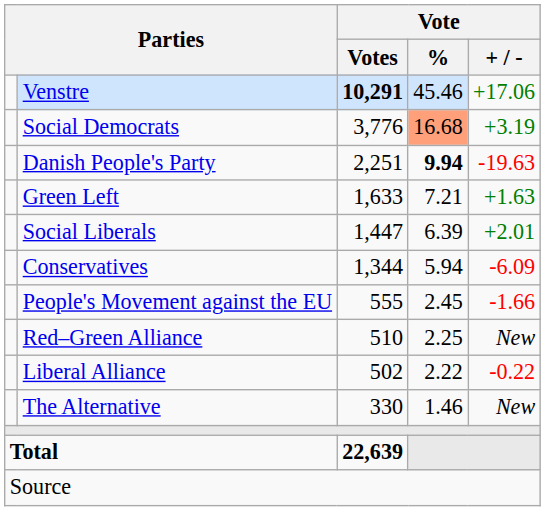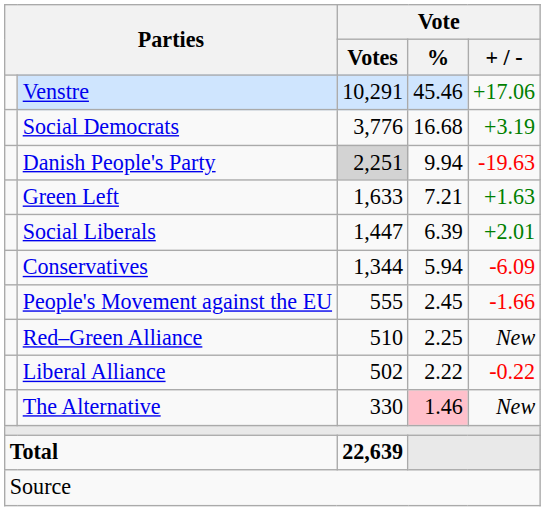 <table class="wikitable" style="text-align:right;">
 <tr>
 <th style="text-align:centre;" rowspan="2" colspan="2" width="225">Parties</th>
 <th colspan="3">Vote</th>
 </tr>
 <tr>
 <th width="15">Votes</th>
 <th width="15">%</th>
 <th width="15">+ / -</th>
 </tr>
 <tr>
 <td width="2" style="color:inherit;background:"></td>
 <td bgcolor=#cfe5fe   align="left"><a href='#'>Venstre</a></td>
-<td bgcolor=#cfe5fe><strong>10,291</strong></td>
+<td bgcolor=#cfe5fe>10,291</td>
 <td bgcolor=#cfe5fe>45.46</td>
 <td style=color:green;>+17.06</td>
 </tr>
 <tr>
 <td width="2" style="color:inherit;background:"></td>
 <td align="left"><a href='#'>Social Democrats</a></td>
 <td>3,776</td>
-<td style="background: lightsalmon;">16.68</td>
+<td>16.68</td>
 <td style=color:green;>+3.19</td>
 </tr>
 <tr>
 <td width="2" style="color:inherit;background:"></td>
 <td align="left"><a href='#'>Danish People's Party</a></td>
-<td>2,251</td>
-<td><strong>9.94</strong></td>
+<td style="background: lightgrey;">2,251</td>
+<td>9.94</td>
 <td style=color:red;>-19.63</td>
 </tr>
 <tr>
 <td width="2" style="color:inherit;background:"></td>
 <td align="left"><a href='#'>Green Left</a></td>
 <td>1,633</td>
 <td>7.21</td>
 <td style=color:green;>+1.63</td>
 </tr>
 <tr>
 <td width="2" style="color:inherit;background:"></td>
 <td align="left"><a href='#'>Social Liberals</a></td>
 <td>1,447</td>
 <td>6.39</td>
 <td style=color:green;>+2.01</td>
 </tr>
 <tr>
 <td width="2" style="color:inherit;background:"></td>
 <td align="left"><a href='#'>Conservatives</a></td>
 <td>1,344</td>
 <td>5.94</td>
 <td style=color:red;>-6.09</td>
 </tr>
 <tr>
 <td width="2" style="color:inherit;background:"></td>
 <td align="left"><a href='#'>People's Movement against the EU</a></td>
 <td>555</td>
 <td>2.45</td>
 <td style=color:red;>-1.66</td>
 </tr>
 <tr>
 <td width="2" style="color:inherit;background:"></td>
 <td align="left"><a href='#'>Red–Green Alliance</a></td>
 <td>510</td>
 <td>2.25</td>
 <td><em>New</em></td>
 </tr>
 <tr>
 <td width="2" style="color:inherit;background:"></td>
 <td align="left"><a href='#'>Liberal Alliance</a></td>
 <td>502</td>
 <td>2.22</td>
 <td style=color:red;>-0.22</td>
 </tr>
 <tr>
 <td width="2" style="color:inherit;background:"></td>
 <td align="left"><a href='#'>The Alternative</a></td>
 <td>330</td>
-<td>1.46</td>
+<td style="background: pink;">1.46</td>
 <td><em>New</em></td>
 </tr>
 <tr>
 <td colspan="7" bgcolor="#E9E9E9"></td>
 </tr>
 <tr>
 <td align="left" colspan="2"><strong>Total</strong></td>
 <td><strong>22,639</strong></td>
 <td bgcolor="#E9E9E9" colspan="2"></td>
 </tr>
 <tr>
 <td align="left" colspan="6">Source</td>
 </tr>
 </table>
